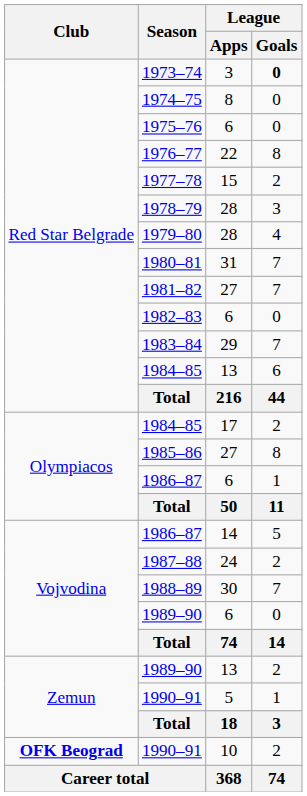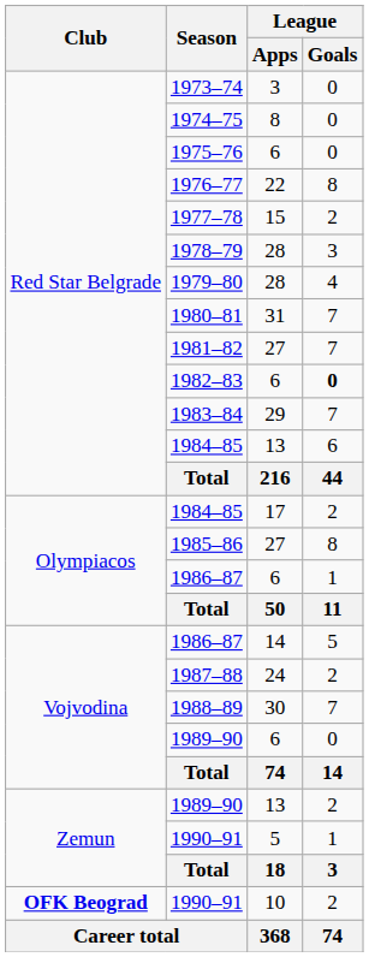 <table class="wikitable" style="text-align:center">
 <tr>
 <th rowspan="2">Club</th>
 <th rowspan="2">Season</th>
 <th colspan="2">League</th>
 </tr>
 <tr>
 <th>Apps</th>
 <th>Goals</th>
 </tr>
 <tr>
 <td rowspan="13"><a href='#'>Red Star Belgrade</a></td>
 <td><a href='#'>1973–74</a></td>
 <td>3</td>
-<td><strong>0</strong></td>
+<td>0</td>
 </tr>
 <tr>
 <td><a href='#'>1974–75</a></td>
 <td>8</td>
 <td>0</td>
 </tr>
 <tr>
 <td><a href='#'>1975–76</a></td>
 <td>6</td>
 <td>0</td>
 </tr>
 <tr>
 <td><a href='#'>1976–77</a></td>
 <td>22</td>
 <td>8</td>
 </tr>
 <tr>
 <td><a href='#'>1977–78</a></td>
 <td>15</td>
 <td>2</td>
 </tr>
 <tr>
 <td><a href='#'>1978–79</a></td>
 <td>28</td>
 <td>3</td>
 </tr>
 <tr>
 <td><a href='#'>1979–80</a></td>
 <td>28</td>
 <td>4</td>
 </tr>
 <tr>
 <td><a href='#'>1980–81</a></td>
 <td>31</td>
 <td>7</td>
 </tr>
 <tr>
 <td><a href='#'>1981–82</a></td>
 <td>27</td>
 <td>7</td>
 </tr>
 <tr>
 <td><a href='#'>1982–83</a></td>
 <td>6</td>
-<td>0</td>
+<td><strong>0</strong></td>
 </tr>
 <tr>
 <td><a href='#'>1983–84</a></td>
 <td>29</td>
 <td>7</td>
 </tr>
 <tr>
 <td><a href='#'>1984–85</a></td>
 <td>13</td>
 <td>6</td>
 </tr>
 <tr>
 <th>Total</th>
 <th>216</th>
 <th>44</th>
 </tr>
 <tr>
 <td rowspan="4"><a href='#'>Olympiacos</a></td>
 <td><a href='#'>1984–85</a></td>
 <td>17</td>
 <td>2</td>
 </tr>
 <tr>
 <td><a href='#'>1985–86</a></td>
 <td>27</td>
 <td>8</td>
 </tr>
 <tr>
 <td><a href='#'>1986–87</a></td>
 <td>6</td>
 <td>1</td>
 </tr>
 <tr>
 <th>Total</th>
 <th>50</th>
 <th>11</th>
 </tr>
 <tr>
 <td rowspan="5"><a href='#'>Vojvodina</a></td>
 <td><a href='#'>1986–87</a></td>
 <td>14</td>
 <td>5</td>
 </tr>
 <tr>
 <td><a href='#'>1987–88</a></td>
 <td>24</td>
 <td>2</td>
 </tr>
 <tr>
 <td><a href='#'>1988–89</a></td>
 <td>30</td>
 <td>7</td>
 </tr>
 <tr>
 <td><a href='#'>1989–90</a></td>
 <td>6</td>
 <td>0</td>
 </tr>
 <tr>
 <th>Total</th>
 <th>74</th>
 <th>14</th>
 </tr>
 <tr>
 <td rowspan="3"><a href='#'>Zemun</a></td>
 <td><a href='#'>1989–90</a></td>
 <td>13</td>
 <td>2</td>
 </tr>
 <tr>
 <td><a href='#'>1990–91</a></td>
 <td>5</td>
 <td>1</td>
 </tr>
 <tr>
 <th>Total</th>
 <th>18</th>
 <th>3</th>
 </tr>
 <tr>
 <td><strong><a href='#'>OFK Beograd</a></strong></td>
 <td><a href='#'>1990–91</a></td>
 <td>10</td>
 <td>2</td>
 </tr>
 <tr>
 <th colspan="2">Career total</th>
 <th>368</th>
 <th>74</th>
 </tr>
 </table>
